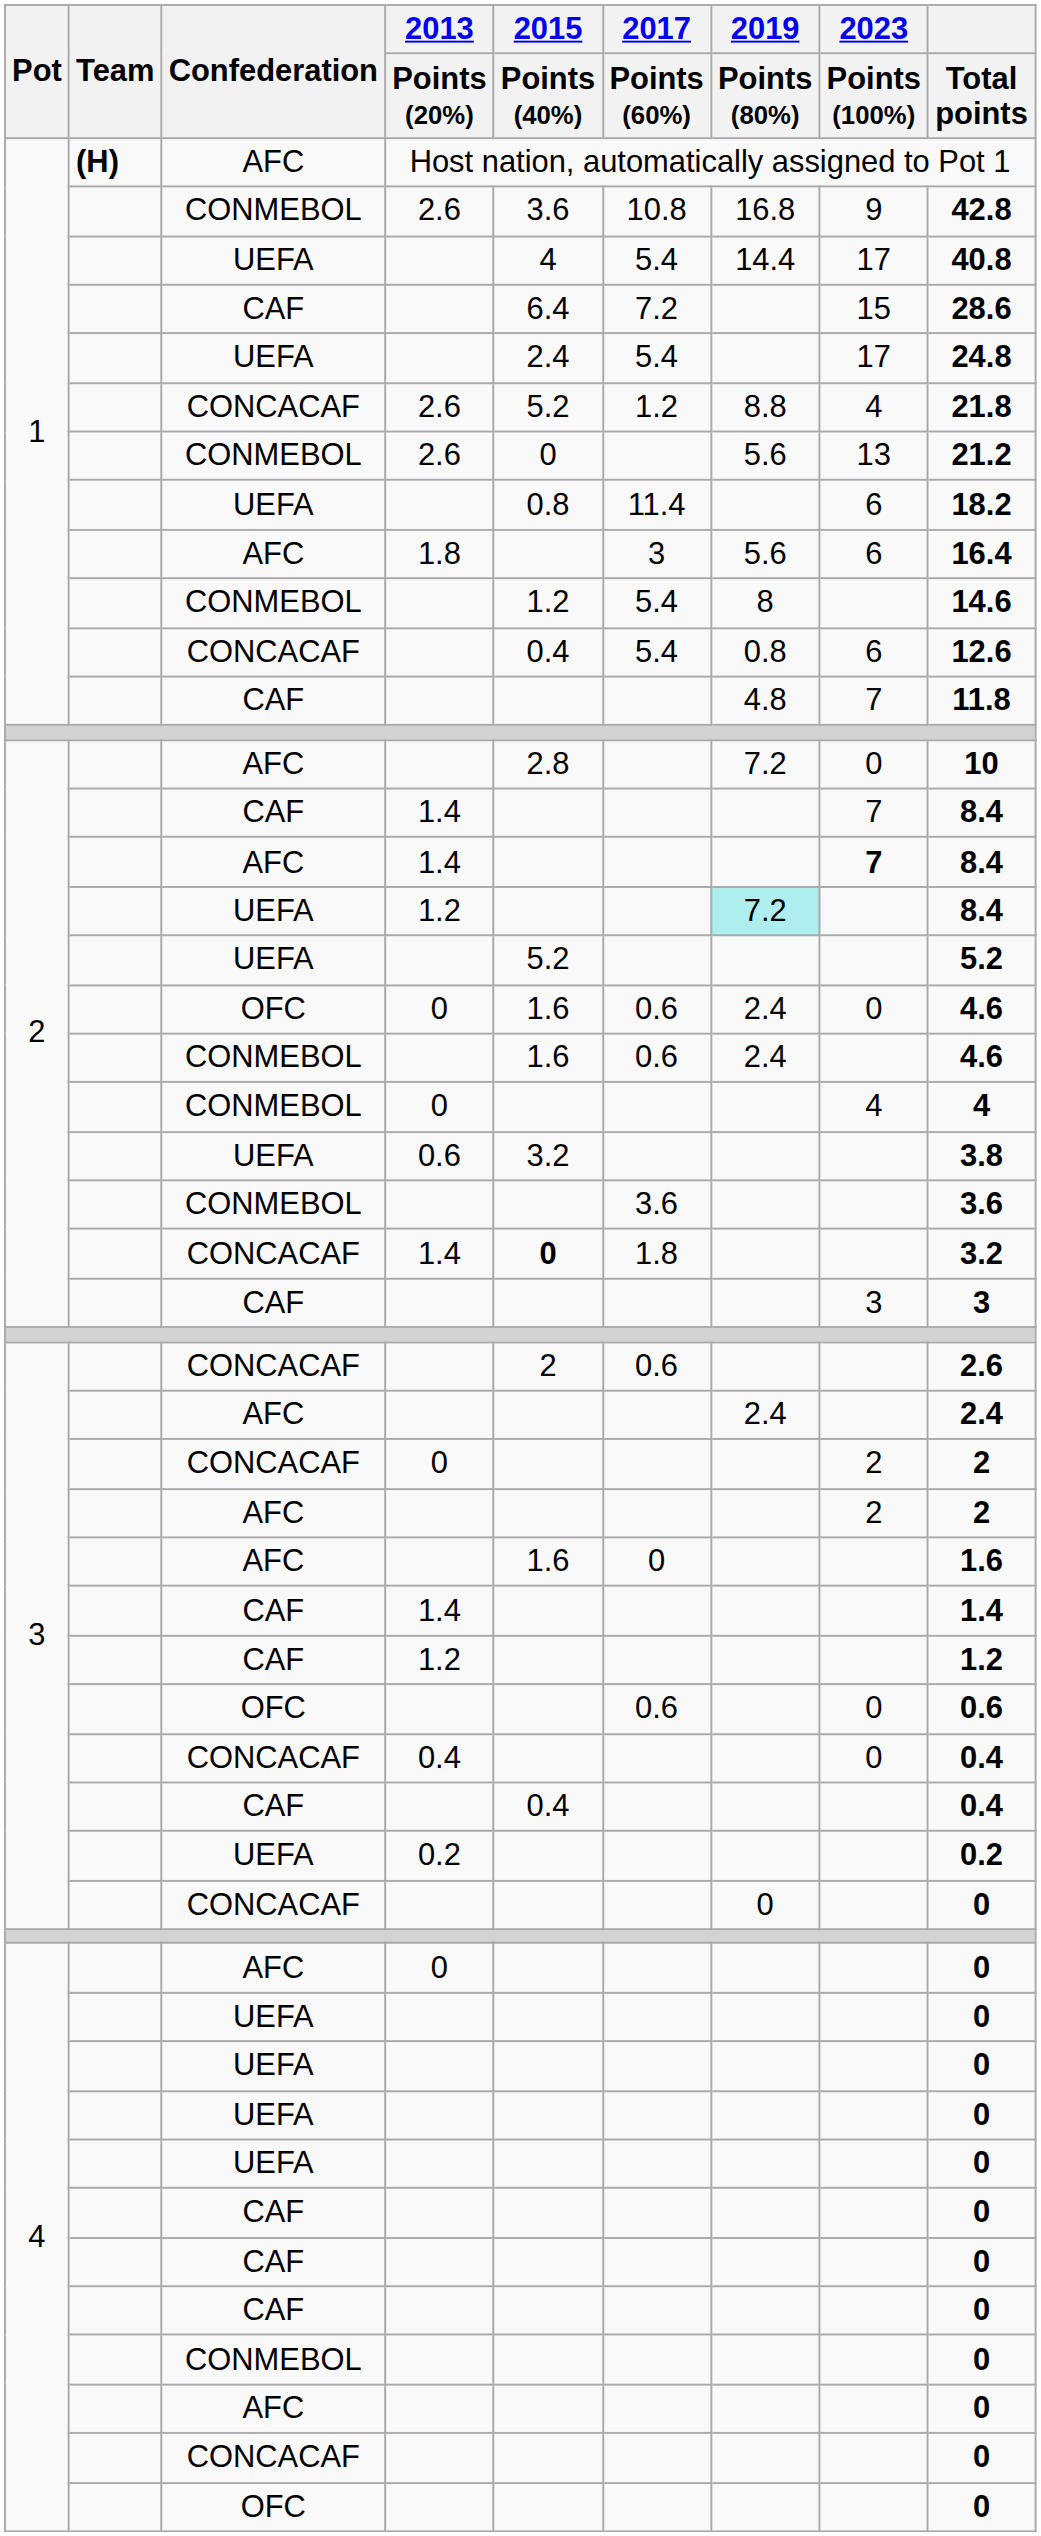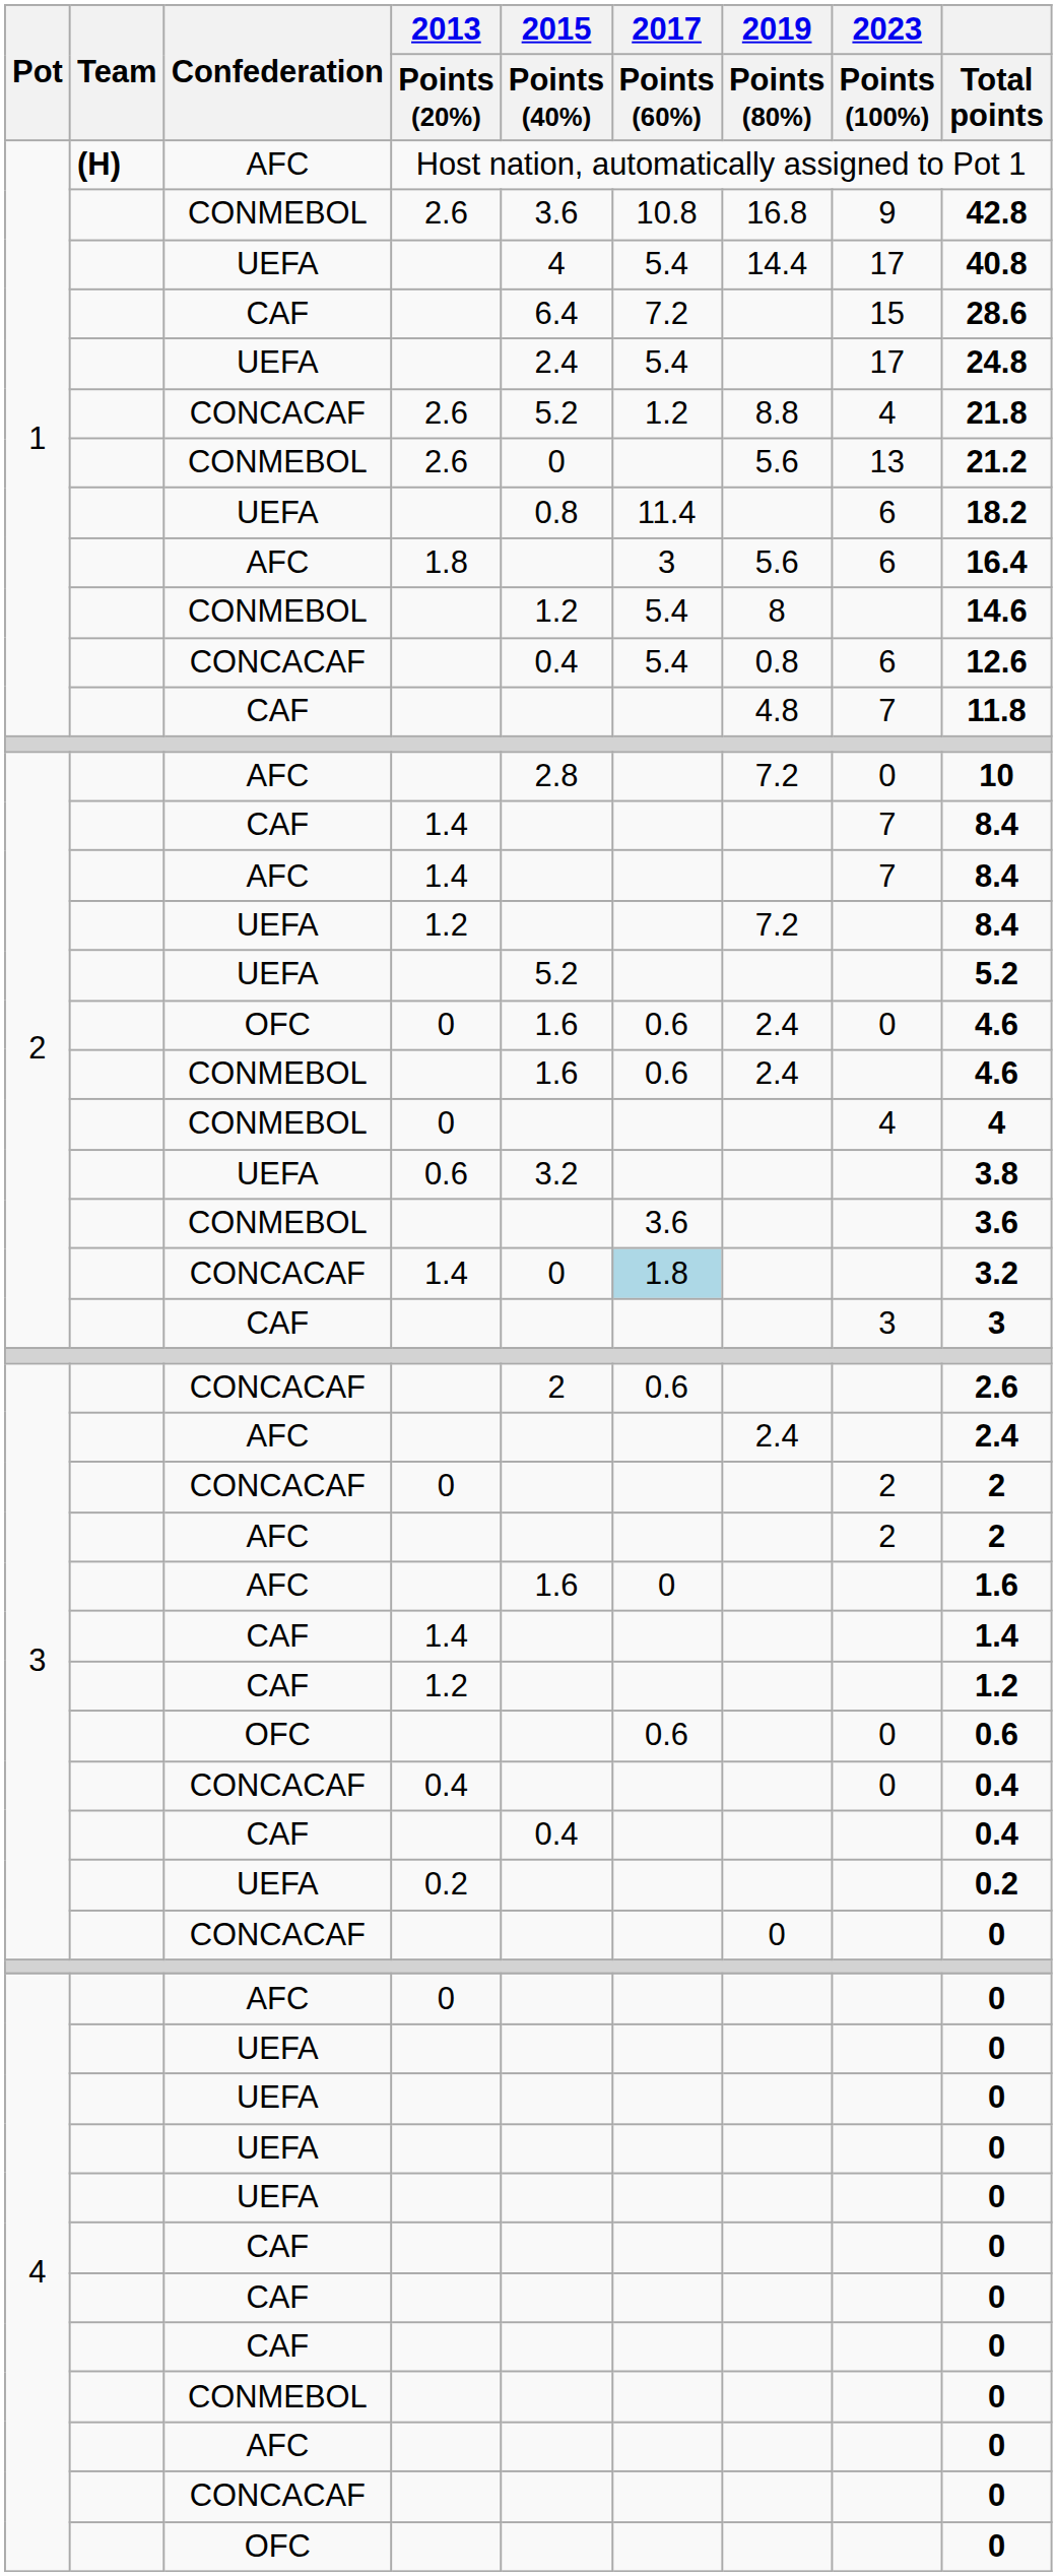 <table class="wikitable" style="text-align: center;">
 <tr>
 <th rowspan=2>Pot</th>
 <th rowspan=2>Team</th>
 <th rowspan=2>Confederation</th>
 <th><a href='#'>2013</a></th>
 <th><a href='#'>2015</a></th>
 <th><a href='#'>2017</a></th>
 <th><a href='#'>2019</a></th>
 <th><a href='#'>2023</a></th>
 <th></th>
 </tr>
 <tr>
 <th>Points<br><small>(20%)</small></th>
 <th>Points<br><small>(40%)</small></th>
 <th>Points<br><small>(60%)</small></th>
 <th>Points<br><small>(80%)</small></th>
 <th>Points<br><small>(100%)</small></th>
 <th>Total<br>points</th>
 </tr>
 <tr>
 <td rowspan=12>1</td>
 <td align=left> <strong>(H)</strong></td>
 <td>AFC</td>
 <td colspan=6>Host nation, automatically assigned to Pot 1</td>
 </tr>
 <tr>
 <td align=left></td>
 <td>CONMEBOL</td>
 <td>2.6</td>
 <td>3.6</td>
 <td>10.8</td>
 <td>16.8</td>
 <td>9</td>
 <td><strong>42.8</strong></td>
 </tr>
 <tr>
 <td align=left></td>
 <td>UEFA</td>
 <td></td>
 <td>4</td>
 <td>5.4</td>
 <td>14.4</td>
 <td>17</td>
 <td><strong>40.8</strong></td>
 </tr>
 <tr>
 <td align=left></td>
 <td>CAF</td>
 <td></td>
 <td>6.4</td>
 <td>7.2</td>
 <td></td>
 <td>15</td>
 <td><strong>28.6</strong></td>
 </tr>
 <tr>
 <td align=left></td>
 <td>UEFA</td>
 <td></td>
 <td>2.4</td>
 <td>5.4</td>
 <td></td>
 <td>17</td>
 <td><strong>24.8</strong></td>
 </tr>
 <tr>
 <td align=left></td>
 <td>CONCACAF</td>
 <td>2.6</td>
 <td>5.2</td>
 <td>1.2</td>
 <td>8.8</td>
 <td>4</td>
 <td><strong>21.8</strong></td>
 </tr>
 <tr>
 <td align=left></td>
 <td>CONMEBOL</td>
 <td>2.6</td>
 <td>0</td>
 <td></td>
 <td>5.6</td>
 <td>13</td>
 <td><strong>21.2</strong></td>
 </tr>
 <tr>
 <td align=left></td>
 <td>UEFA</td>
 <td></td>
 <td>0.8</td>
 <td>11.4</td>
 <td></td>
 <td>6</td>
 <td><strong>18.2</strong></td>
 </tr>
 <tr>
 <td align=left></td>
 <td>AFC</td>
 <td>1.8</td>
 <td></td>
 <td>3</td>
 <td>5.6</td>
 <td>6</td>
 <td><strong>16.4</strong></td>
 </tr>
 <tr>
 <td align=left></td>
 <td>CONMEBOL</td>
 <td></td>
 <td>1.2</td>
 <td>5.4</td>
 <td>8</td>
 <td></td>
 <td><strong>14.6</strong></td>
 </tr>
 <tr>
 <td align=left></td>
 <td>CONCACAF</td>
 <td></td>
 <td>0.4</td>
 <td>5.4</td>
 <td>0.8</td>
 <td>6</td>
 <td><strong>12.6</strong></td>
 </tr>
 <tr>
 <td align=left></td>
 <td>CAF</td>
 <td></td>
 <td></td>
 <td></td>
 <td>4.8</td>
 <td>7</td>
 <td><strong>11.8</strong></td>
 </tr>
 <tr>
 <td colspan=13 bgcolor=lightgrey></td>
 </tr>
 <tr>
 <td rowspan=12>2</td>
 <td align=left></td>
 <td>AFC</td>
 <td></td>
 <td>2.8</td>
 <td></td>
 <td>7.2</td>
 <td>0</td>
 <td><strong>10</strong></td>
 </tr>
 <tr>
 <td align=left></td>
 <td>CAF</td>
 <td>1.4</td>
 <td></td>
 <td></td>
 <td></td>
 <td>7</td>
 <td><strong>8.4</strong></td>
 </tr>
 <tr>
 <td align=left></td>
 <td>AFC</td>
 <td>1.4</td>
 <td></td>
 <td></td>
 <td></td>
-<td><strong>7</strong></td>
+<td>7</td>
 <td><strong>8.4</strong></td>
 </tr>
 <tr>
 <td align=left></td>
 <td>UEFA</td>
 <td>1.2</td>
 <td></td>
 <td></td>
-<td style="background: paleturquoise;">7.2</td>
+<td>7.2</td>
 <td></td>
 <td><strong>8.4</strong></td>
 </tr>
 <tr>
 <td align=left></td>
 <td>UEFA</td>
 <td></td>
 <td>5.2</td>
 <td></td>
 <td></td>
 <td></td>
 <td><strong>5.2</strong></td>
 </tr>
 <tr>
 <td align=left></td>
 <td>OFC</td>
 <td>0</td>
 <td>1.6</td>
 <td>0.6</td>
 <td>2.4</td>
 <td>0</td>
 <td><strong>4.6</strong></td>
 </tr>
 <tr>
 <td align=left></td>
 <td>CONMEBOL</td>
 <td></td>
 <td>1.6</td>
 <td>0.6</td>
 <td>2.4</td>
 <td></td>
 <td><strong>4.6</strong></td>
 </tr>
 <tr>
 <td align=left></td>
 <td>CONMEBOL</td>
 <td>0</td>
 <td></td>
 <td></td>
 <td></td>
 <td>4</td>
 <td><strong>4</strong></td>
 </tr>
 <tr>
 <td align=left></td>
 <td>UEFA</td>
 <td>0.6</td>
 <td>3.2</td>
 <td></td>
 <td></td>
 <td></td>
 <td><strong>3.8</strong></td>
 </tr>
 <tr>
 <td align=left></td>
 <td>CONMEBOL</td>
 <td></td>
 <td></td>
 <td>3.6</td>
 <td></td>
 <td></td>
 <td><strong>3.6</strong></td>
 </tr>
 <tr>
 <td align=left></td>
 <td>CONCACAF</td>
 <td>1.4</td>
-<td><strong>0</strong></td>
-<td>1.8</td>
+<td>0</td>
+<td style="background: lightblue;">1.8</td>
 <td></td>
 <td></td>
 <td><strong>3.2</strong></td>
 </tr>
 <tr>
 <td align=left></td>
 <td>CAF</td>
 <td></td>
 <td></td>
 <td></td>
 <td></td>
 <td>3</td>
 <td><strong>3</strong></td>
 </tr>
 <tr>
 <td colspan=13 bgcolor=lightgrey></td>
 </tr>
 <tr>
 <td rowspan=12>3</td>
 <td align=left></td>
 <td>CONCACAF</td>
 <td></td>
 <td>2</td>
 <td>0.6</td>
 <td></td>
 <td></td>
 <td><strong>2.6</strong></td>
 </tr>
 <tr>
 <td align=left></td>
 <td>AFC</td>
 <td></td>
 <td></td>
 <td></td>
 <td>2.4</td>
 <td></td>
 <td><strong>2.4</strong></td>
 </tr>
 <tr>
 <td align=left></td>
 <td>CONCACAF</td>
 <td>0</td>
 <td></td>
 <td></td>
 <td></td>
 <td>2</td>
 <td><strong>2</strong></td>
 </tr>
 <tr>
 <td align=left></td>
 <td>AFC</td>
 <td></td>
 <td></td>
 <td></td>
 <td></td>
 <td>2</td>
 <td><strong>2</strong></td>
 </tr>
 <tr>
 <td align=left></td>
 <td>AFC</td>
 <td></td>
 <td>1.6</td>
 <td>0</td>
 <td></td>
 <td></td>
 <td><strong>1.6</strong></td>
 </tr>
 <tr>
 <td align=left></td>
 <td>CAF</td>
 <td>1.4</td>
 <td></td>
 <td></td>
 <td></td>
 <td></td>
 <td><strong>1.4</strong></td>
 </tr>
 <tr>
 <td align=left></td>
 <td>CAF</td>
 <td>1.2</td>
 <td></td>
 <td></td>
 <td></td>
 <td></td>
 <td><strong>1.2</strong></td>
 </tr>
 <tr>
 <td align=left></td>
 <td>OFC</td>
 <td></td>
 <td></td>
 <td>0.6</td>
 <td></td>
 <td>0</td>
 <td><strong>0.6</strong></td>
 </tr>
 <tr>
 <td align=left></td>
 <td>CONCACAF</td>
 <td>0.4</td>
 <td></td>
 <td></td>
 <td></td>
 <td>0</td>
 <td><strong>0.4</strong></td>
 </tr>
 <tr>
 <td align=left></td>
 <td>CAF</td>
 <td></td>
 <td>0.4</td>
 <td></td>
 <td></td>
 <td></td>
 <td><strong>0.4</strong></td>
 </tr>
 <tr>
 <td align=left></td>
 <td>UEFA</td>
 <td>0.2</td>
 <td></td>
 <td></td>
 <td></td>
 <td></td>
 <td><strong>0.2</strong></td>
 </tr>
 <tr>
 <td align=left></td>
 <td>CONCACAF</td>
 <td></td>
 <td></td>
 <td></td>
 <td>0</td>
 <td></td>
 <td><strong>0</strong></td>
 </tr>
 <tr>
 <td colspan=13 bgcolor=lightgrey></td>
 </tr>
 <tr>
 <td rowspan=12>4</td>
 <td align=left></td>
 <td>AFC</td>
 <td>0</td>
 <td></td>
 <td></td>
 <td></td>
 <td></td>
 <td><strong>0</strong></td>
 </tr>
 <tr>
 <td align=left></td>
 <td>UEFA</td>
 <td></td>
 <td></td>
 <td></td>
 <td></td>
 <td></td>
 <td><strong>0</strong></td>
 </tr>
 <tr>
 <td align=left></td>
 <td>UEFA</td>
 <td></td>
 <td></td>
 <td></td>
 <td></td>
 <td></td>
 <td><strong>0</strong></td>
 </tr>
 <tr>
 <td align=left></td>
 <td>UEFA</td>
 <td></td>
 <td></td>
 <td></td>
 <td></td>
 <td></td>
 <td><strong>0</strong></td>
 </tr>
 <tr>
 <td align=left></td>
 <td>UEFA</td>
 <td></td>
 <td></td>
 <td></td>
 <td></td>
 <td></td>
 <td><strong>0</strong></td>
 </tr>
 <tr>
 <td align=left></td>
 <td>CAF</td>
 <td></td>
 <td></td>
 <td></td>
 <td></td>
 <td></td>
 <td><strong>0</strong></td>
 </tr>
 <tr>
 <td align=left></td>
 <td>CAF</td>
 <td></td>
 <td></td>
 <td></td>
 <td></td>
 <td></td>
 <td><strong>0</strong></td>
 </tr>
 <tr>
 <td align=left></td>
 <td>CAF</td>
 <td></td>
 <td></td>
 <td></td>
 <td></td>
 <td></td>
 <td><strong>0</strong></td>
 </tr>
 <tr>
 <td align=left></td>
 <td>CONMEBOL</td>
 <td></td>
 <td></td>
 <td></td>
 <td></td>
 <td></td>
 <td><strong>0</strong></td>
 </tr>
 <tr>
 <td align=left></td>
 <td>AFC</td>
 <td></td>
 <td></td>
 <td></td>
 <td></td>
 <td></td>
 <td><strong>0</strong></td>
 </tr>
 <tr>
 <td align=left></td>
 <td>CONCACAF</td>
 <td></td>
 <td></td>
 <td></td>
 <td></td>
 <td></td>
 <td><strong>0</strong></td>
 </tr>
 <tr>
 <td align=left></td>
 <td>OFC</td>
 <td></td>
 <td></td>
 <td></td>
 <td></td>
 <td></td>
 <td><strong>0</strong></td>
 </tr>
 </table>
